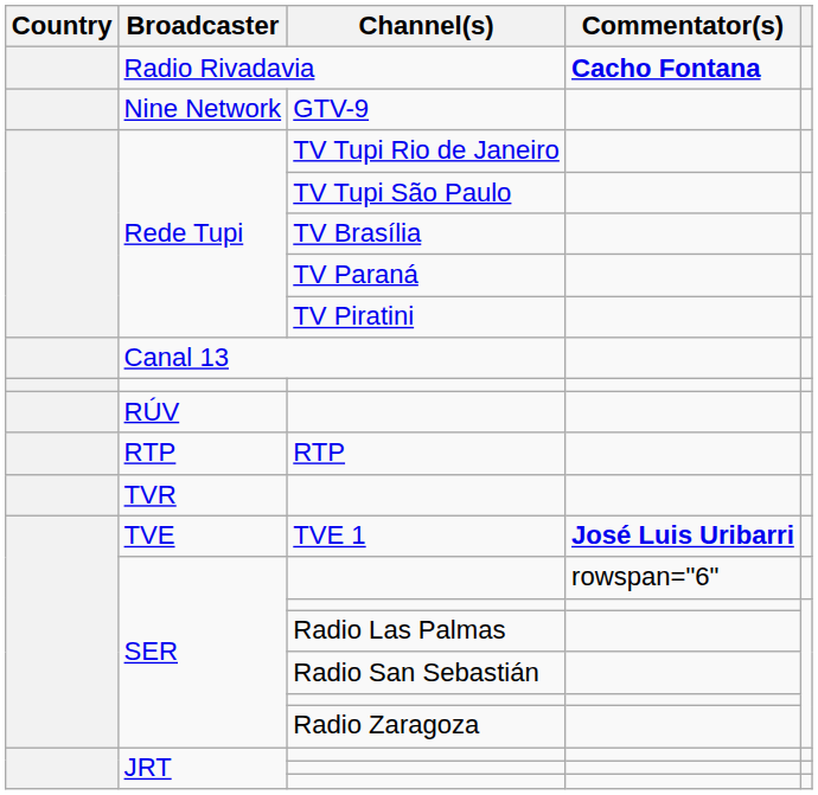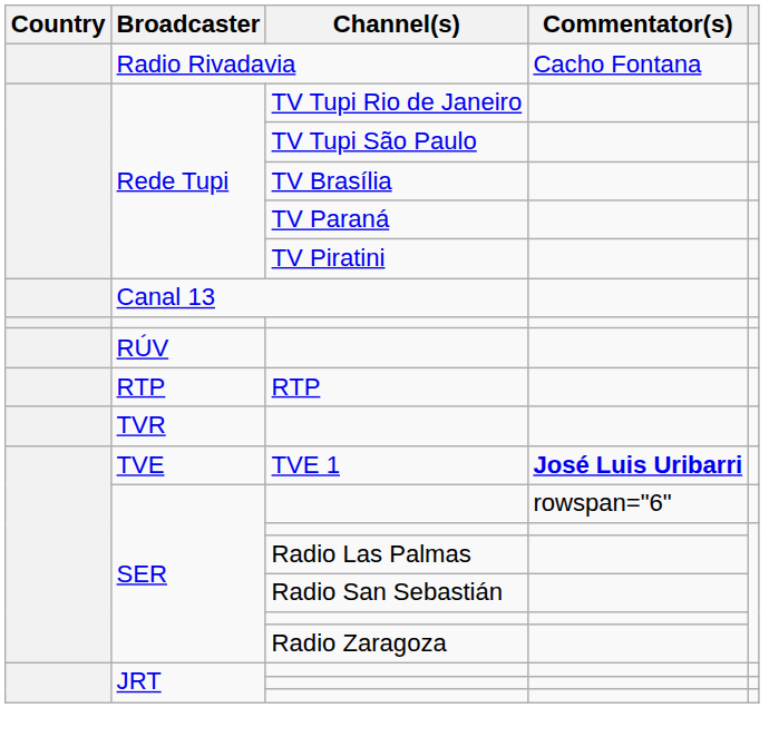 <table class="wikitable plainrowheaders">
 <tr>
 <th scope="col">Country</th>
 <th scope="col">Broadcaster</th>
 <th scope="col">Channel(s)</th>
 <th scope="col">Commentator(s)</th>
 <th scope="col"></th>
 </tr>
 <tr>
 <th scope="rowgroup"></th>
 <td colspan="2"><a href='#'>Radio Rivadavia</a></td>
-<td><strong><a href='#'>Cacho Fontana</a></strong></td>
-<td style="text-align:center"></td>
-</tr>
-<tr>
-<th scope="row"></th>
-<td><a href='#'>Nine Network</a></td>
-<td><a href='#'>GTV-9</a></td>
-<td></td>
+<td><a href='#'>Cacho Fontana</a></td>
 <td style="text-align:center"></td>
 </tr>
 <tr>
 <th scope="rowgroup" rowspan="5"></th>
 <td rowspan="5"><a href='#'>Rede Tupi</a></td>
 <td><a href='#'>TV Tupi Rio de Janeiro</a></td>
 <td></td>
 <td style="text-align:center"></td>
 </tr>
 <tr>
 <td><a href='#'>TV Tupi São Paulo</a></td>
 <td></td>
 <td style="text-align:center"></td>
 </tr>
 <tr>
 <td><a href='#'>TV Brasília</a></td>
 <td></td>
 <td style="text-align:center"></td>
 </tr>
 <tr>
 <td><a href='#'>TV Paraná</a></td>
 <td></td>
 <td style="text-align:center"></td>
 </tr>
 <tr>
 <td><a href='#'>TV Piratini</a></td>
 <td></td>
 <td style="text-align:center"></td>
 </tr>
 <tr>
 <th scope="row"></th>
 <td colspan="2"><a href='#'>Canal 13</a></td>
 <td></td>
 <td style="text-align:center"></td>
 </tr>
 <tr>
 <th scope="row"></th>
 <td></td>
 <td></td>
 <td></td>
 <td style="text-align:center"></td>
 </tr>
 <tr>
 <th scope="row"></th>
 <td><a href='#'>RÚV</a></td>
 <td></td>
 <td></td>
 <td style="text-align:center"></td>
 </tr>
 <tr>
 <th scope="row"></th>
 <td><a href='#'>RTP</a></td>
 <td><a href='#'>RTP</a></td>
 <td></td>
 <td style="text-align:center"></td>
 </tr>
 <tr>
 <th scope="row"></th>
 <td><a href='#'>TVR</a></td>
 <td></td>
 <td></td>
 <td style="text-align:center"></td>
 </tr>
 <tr>
 <th scope="row" rowspan="7"></th>
 <td><a href='#'>TVE</a></td>
 <td><a href='#'>TVE 1</a></td>
 <td><strong><a href='#'>José Luis Uribarri</a></strong></td>
 <td style="text-align:center"></td>
 </tr>
 <tr>
 <td rowspan="6"><a href='#'>SER</a></td>
 <td></td>
 <td>rowspan="6" </td>
 <td style="text-align:center"></td>
 </tr>
 <tr>
 <td></td>
 <td style="text-align:center"></td>
 </tr>
 <tr>
 <td>Radio Las Palmas</td>
 <td style="text-align:center"></td>
 </tr>
 <tr>
 <td>Radio San Sebastián</td>
 <td style="text-align:center"></td>
 </tr>
 <tr>
 <td></td>
 <td style="text-align:center"></td>
 </tr>
 <tr>
 <td>Radio Zaragoza</td>
 <td style="text-align:center"></td>
 </tr>
 <tr>
 <th scope="rowgroup" rowspan="3"></th>
 <td rowspan="3"><a href='#'>JRT</a></td>
 <td></td>
 <td></td>
 <td style="text-align:center"></td>
 </tr>
 <tr>
 <td></td>
 <td></td>
 <td style="text-align:center"></td>
 </tr>
 <tr>
 <td></td>
 <td></td>
 <td style="text-align:center"></td>
 </tr>
 </table>
